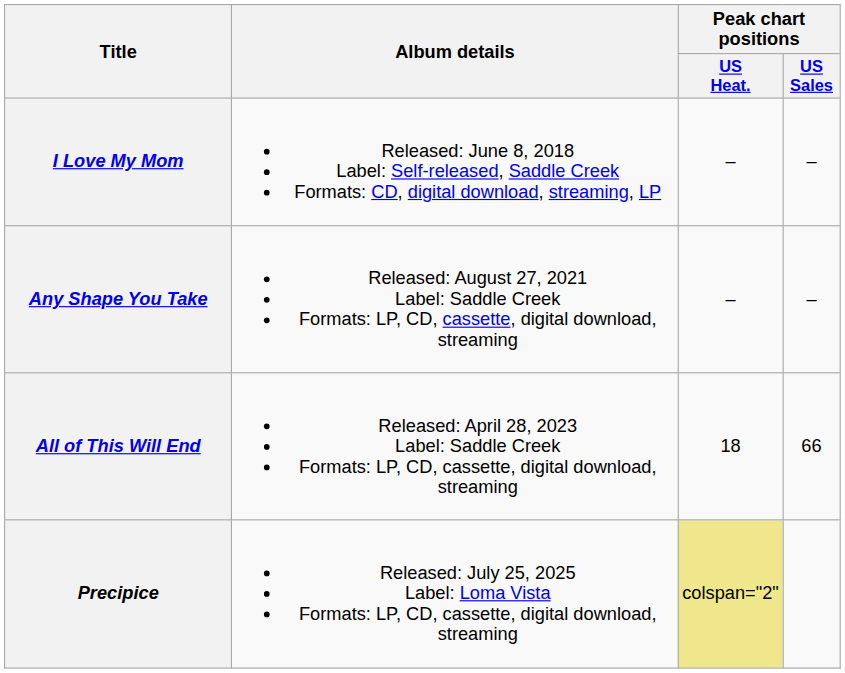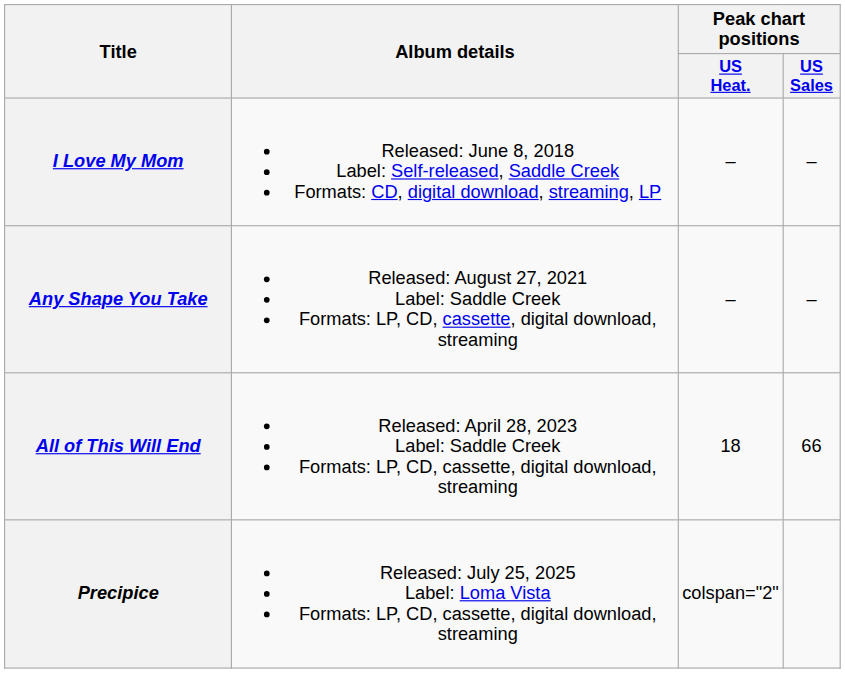 <table class="wikitable plainrowheaders" style="text-align:center;">
 <tr>
 <th scope="col" rowspan="2" style="width:12em;">Title</th>
 <th scope="col" rowspan="2" style="width:24em;">Album details</th>
 <th scope="col" colspan="2">Peak chart positions</th>
 </tr>
 <tr>
 <th style="width:3em;font-size:90%"><a href='#'>US<br>Heat.</a><br></th>
 <th style="width:3em;font-size:90%"><a href='#'>US<br>Sales</a><br></th>
 </tr>
 <tr>
 <th scope="row"><em><a href='#'>I Love My Mom</a></em></th>
 <td><br><ul><li>Released: June 8, 2018</li><li>Label: <a href='#'>Self-released</a>, <a href='#'>Saddle Creek</a> </li><li>Formats: <a href='#'>CD</a>, <a href='#'>digital download</a>, <a href='#'>streaming</a>, <a href='#'>LP</a></li></ul></td>
 <td>–</td>
 <td>–</td>
 </tr>
 <tr>
 <th scope="row"><em><a href='#'>Any Shape You Take</a></em></th>
 <td><br><ul><li>Released: August 27, 2021</li><li>Label: Saddle Creek</li><li>Formats: LP, CD, <a href='#'>cassette</a>, digital download, streaming</li></ul></td>
 <td>–</td>
 <td>–</td>
 </tr>
 <tr>
 <th scope="row"><em><a href='#'>All of This Will End</a></em></th>
 <td><br><ul><li>Released: April 28, 2023</li><li>Label: Saddle Creek</li><li>Formats: LP, CD, cassette, digital download, streaming</li></ul></td>
 <td>18</td>
 <td>66</td>
 </tr>
 <tr>
 <th scope="row"><em>Precipice</em></th>
 <td><br><ul><li>Released: July 25, 2025</li><li>Label: <a href='#'>Loma Vista</a></li><li>Formats: LP, CD, cassette, digital download, streaming</li></ul></td>
-<td style="background: khaki;">colspan="2" </td>
+<td>colspan="2" </td>
 </tr>
 </table>
